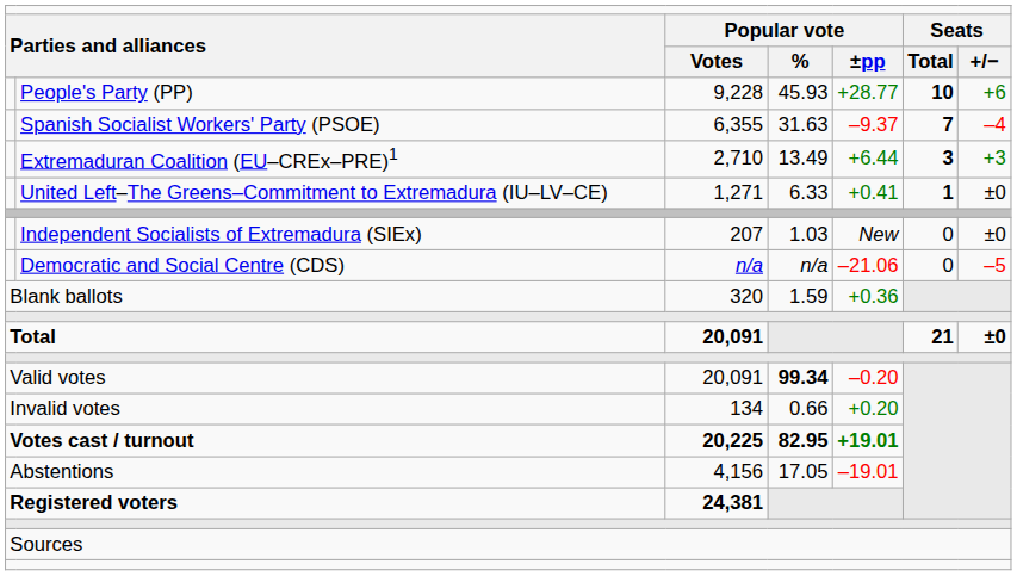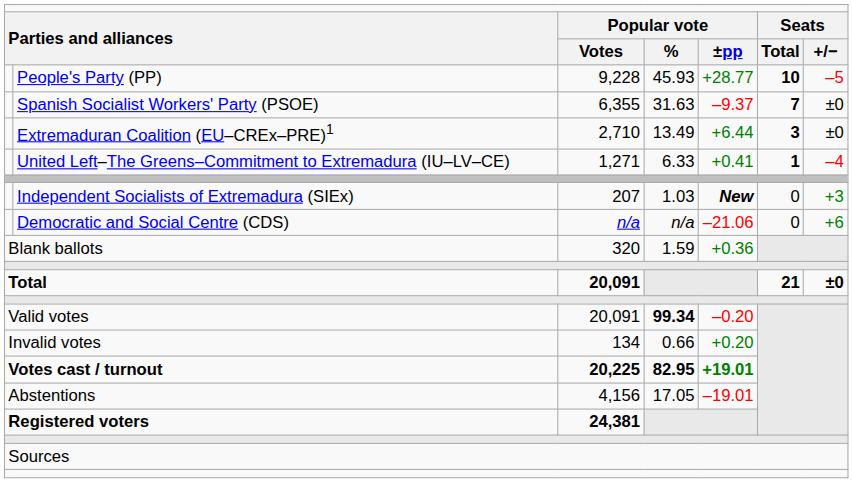 <table class="wikitable" style="text-align:right;">
 <tr>
 <td colspan="7"></td>
 </tr>
 <tr>
 <th style="text-align:left;" rowspan="2" colspan="2" width="525">Parties and alliances</th>
 <th colspan="3">Popular vote</th>
 <th colspan="2">Seats</th>
 </tr>
 <tr>
 <th width="75">Votes</th>
 <th width="45">%</th>
 <th width="45">±<a href='#'>pp</a></th>
 <th width="35">Total</th>
 <th width="35">+/−</th>
 </tr>
 <tr>
 <td width="1" style="color:inherit;background:"></td>
 <td align="left"><a href='#'>People's Party</a> (PP)</td>
 <td>9,228</td>
 <td>45.93</td>
 <td style="color:green;">+28.77</td>
 <td><strong>10</strong></td>
-<td style="color:green;">+6</td>
+<td style="color:red;">–5</td>
 </tr>
 <tr>
 <td style="color:inherit;background:"></td>
 <td align="left"><a href='#'>Spanish Socialist Workers' Party</a> (PSOE)</td>
 <td>6,355</td>
 <td>31.63</td>
 <td style="color:red;">–9.37</td>
 <td><strong>7</strong></td>
-<td style="color:red;">–4</td>
+<td>±0</td>
 </tr>
 <tr>
 <td style="color:inherit;background:"></td>
 <td align="left"><a href='#'>Extremaduran Coalition</a> (<a href='#'>EU</a>–CREx–PRE)<sup>1</sup></td>
 <td>2,710</td>
 <td>13.49</td>
 <td style="color:green;">+6.44</td>
 <td><strong>3</strong></td>
-<td style="color:green;">+3</td>
+<td>±0</td>
 </tr>
 <tr>
 <td style="color:inherit;background:"></td>
 <td align="left"><a href='#'>United Left</a>–<a href='#'>The Greens–Commitment to Extremadura</a> (IU–LV–CE)</td>
 <td>1,271</td>
 <td>6.33</td>
 <td style="color:green;">+0.41</td>
 <td><strong>1</strong></td>
-<td>±0</td>
+<td style="color:red;">–4</td>
 </tr>
 <tr>
 <td colspan="7" bgcolor="#C0C0C0"></td>
 </tr>
 <tr>
 <td style="color:inherit;background:"></td>
 <td align="left"><a href='#'>Independent Socialists of Extremadura</a> (SIEx)</td>
 <td>207</td>
 <td>1.03</td>
-<td><em>New</em></td>
+<td><strong><em>New</em></strong></td>
 <td>0</td>
-<td>±0</td>
+<td style="color:green;">+3</td>
 </tr>
 <tr>
 <td style="color:inherit;background:"></td>
 <td align="left"><a href='#'>Democratic and Social Centre</a> (CDS)</td>
 <td><em><a href='#'>n/a</a></em></td>
 <td><em>n/a</em></td>
 <td style="color:red;">–21.06</td>
 <td>0</td>
-<td style="color:red;">–5</td>
+<td style="color:green;">+6</td>
 </tr>
 <tr>
 <td align="left" colspan="2">Blank ballots</td>
 <td>320</td>
 <td>1.59</td>
 <td style="color:green;">+0.36</td>
 <td bgcolor="#E9E9E9" colspan="2"></td>
 </tr>
 <tr>
 <td colspan="7" bgcolor="#E9E9E9"></td>
 </tr>
 <tr style="font-weight:bold;">
 <td align="left" colspan="2">Total</td>
 <td>20,091</td>
 <td bgcolor="#E9E9E9" colspan="2"></td>
 <td>21</td>
 <td>±0</td>
 </tr>
 <tr>
 <td colspan="7" bgcolor="#E9E9E9"></td>
 </tr>
 <tr>
 <td align="left" colspan="2">Valid votes</td>
 <td>20,091</td>
 <td><strong>99.34</strong></td>
 <td style="color:red;">–0.20</td>
 <td bgcolor="#E9E9E9" colspan="2" rowspan="5"></td>
 </tr>
 <tr>
 <td align="left" colspan="2">Invalid votes</td>
 <td>134</td>
 <td>0.66</td>
 <td style="color:green;">+0.20</td>
 </tr>
 <tr style="font-weight:bold;">
 <td align="left" colspan="2">Votes cast / turnout</td>
 <td>20,225</td>
 <td>82.95</td>
 <td style="color:green;">+19.01</td>
 </tr>
 <tr>
 <td align="left" colspan="2">Abstentions</td>
 <td>4,156</td>
 <td>17.05</td>
 <td style="color:red;">–19.01</td>
 </tr>
 <tr style="font-weight:bold;">
 <td align="left" colspan="2">Registered voters</td>
 <td>24,381</td>
 <td bgcolor="#E9E9E9" colspan="2"></td>
 </tr>
 <tr>
 <td colspan="7" bgcolor="#E9E9E9"></td>
 </tr>
 <tr>
 <td align="left" colspan="7">Sources</td>
 </tr>
 <tr>
 <td colspan="7" style="text-align:left; max-width:790px;"></td>
 </tr>
 </table>
